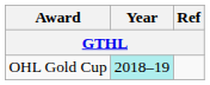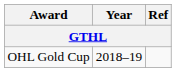 <table class="wikitable">
 <tr>
 <th>Award</th>
 <th>Year</th>
 <th>Ref</th>
 </tr>
 <tr>
 <th colspan="3"><a href='#'>GTHL</a></th>
 </tr>
 <tr>
 <td>OHL Gold Cup</td>
-<td style="background: paleturquoise;">2018–19</td>
+<td>2018–19</td>
 <td></td>
 </tr>
 </table>
